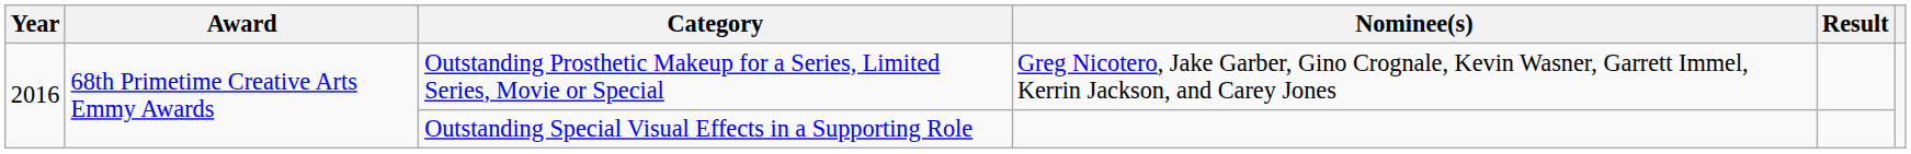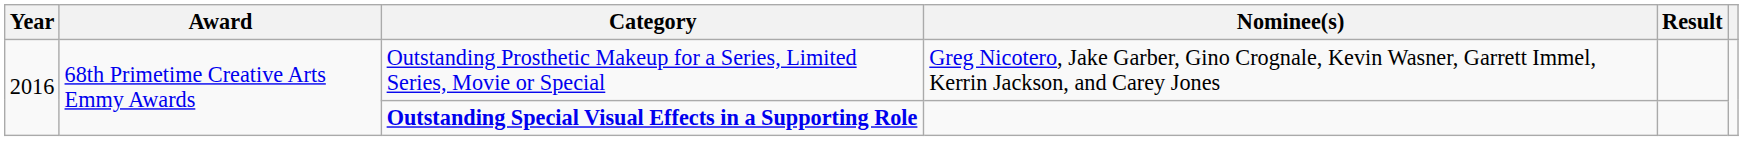 <table class="wikitable sortable plainrowheaders">
 <tr>
 <th>Year</th>
 <th>Award</th>
 <th>Category</th>
 <th>Nominee(s)</th>
 <th>Result</th>
 <th class="unsortable"></th>
 </tr>
 <tr>
 <td rowspan="2">2016</td>
 <td scope="row" rowspan="2"><a href='#'>68th Primetime Creative Arts Emmy Awards</a></td>
 <td scope="row"><a href='#'>Outstanding Prosthetic Makeup for a Series, Limited Series, Movie or Special</a></td>
 <td scope="row"><a href='#'>Greg Nicotero</a>, Jake Garber, Gino Crognale, Kevin Wasner, Garrett Immel, Kerrin Jackson, and Carey Jones</td>
 <td></td>
 <td rowspan="2"></td>
 </tr>
 <tr>
-<td scope="row"><a href='#'>Outstanding Special Visual Effects in a Supporting Role</a></td>
+<td scope="row"><strong><a href='#'>Outstanding Special Visual Effects in a Supporting Role</a></strong></td>
 <td scope="row"></td>
 <td></td>
 </tr>
 </table>
